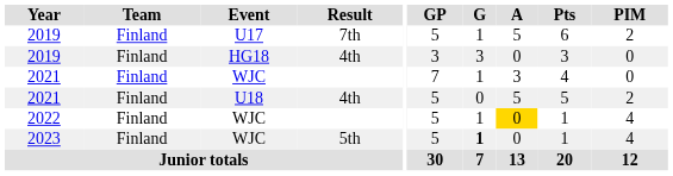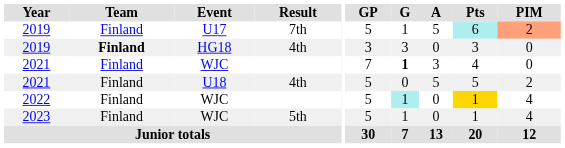 <table border="0" cellpadding="1" cellspacing="0" ID="Table3" style="text-align:center; width:40em">
 <tr ALIGN="center" bgcolor="#e0e0e0">
 <th>Year</th>
 <th>Team</th>
 <th>Event</th>
 <th>Result</th>
 <th rowspan="99" bgcolor="#ffffff"></th>
 <th>GP</th>
 <th>G</th>
 <th>A</th>
 <th>Pts</th>
 <th>PIM</th>
 </tr>
 <tr>
 <td><a href='#'>2019</a></td>
 <td><a href='#'>Finland</a></td>
 <td><a href='#'>U17</a></td>
 <td>7th</td>
 <td>5</td>
 <td>1</td>
 <td>5</td>
-<td>6</td>
-<td>2</td>
+<td style="background: paleturquoise;">6</td>
+<td style="background: lightsalmon;">2</td>
 </tr>
 <tr bgcolor="#f0f0f0">
 <td><a href='#'>2019</a></td>
-<td>Finland</td>
+<td><strong>Finland</strong></td>
 <td><a href='#'>HG18</a></td>
 <td>4th</td>
 <td>3</td>
 <td>3</td>
 <td>0</td>
 <td>3</td>
 <td>0</td>
 </tr>
 <tr>
 <td><a href='#'>2021</a></td>
 <td><a href='#'>Finland</a></td>
 <td><a href='#'>WJC</a></td>
 <td></td>
 <td>7</td>
-<td>1</td>
+<td><strong>1</strong></td>
 <td>3</td>
 <td>4</td>
 <td>0</td>
 </tr>
 <tr bgcolor="#f0f0f0">
 <td><a href='#'>2021</a></td>
 <td>Finland</td>
 <td><a href='#'>U18</a></td>
 <td>4th</td>
 <td>5</td>
 <td>0</td>
 <td>5</td>
 <td>5</td>
 <td>2</td>
 </tr>
 <tr>
 <td><a href='#'>2022</a></td>
 <td>Finland</td>
 <td>WJC</td>
 <td></td>
 <td>5</td>
-<td>1</td>
-<td style="background: gold;">0</td>
-<td>1</td>
+<td style="background: paleturquoise;">1</td>
+<td>0</td>
+<td style="background: gold;">1</td>
 <td>4</td>
 </tr>
 <tr bgcolor="#f0f0f0">
 <td><a href='#'>2023</a></td>
 <td>Finland</td>
 <td>WJC</td>
 <td>5th</td>
 <td>5</td>
-<td><strong>1</strong></td>
+<td>1</td>
 <td>0</td>
 <td>1</td>
 <td>4</td>
 </tr>
 <tr ALIGN="center" bgcolor="#e0e0e0">
 <th colspan=4>Junior totals</th>
 <th>30</th>
 <th>7</th>
 <th>13</th>
 <th>20</th>
 <th>12</th>
 </tr>
 </table>
